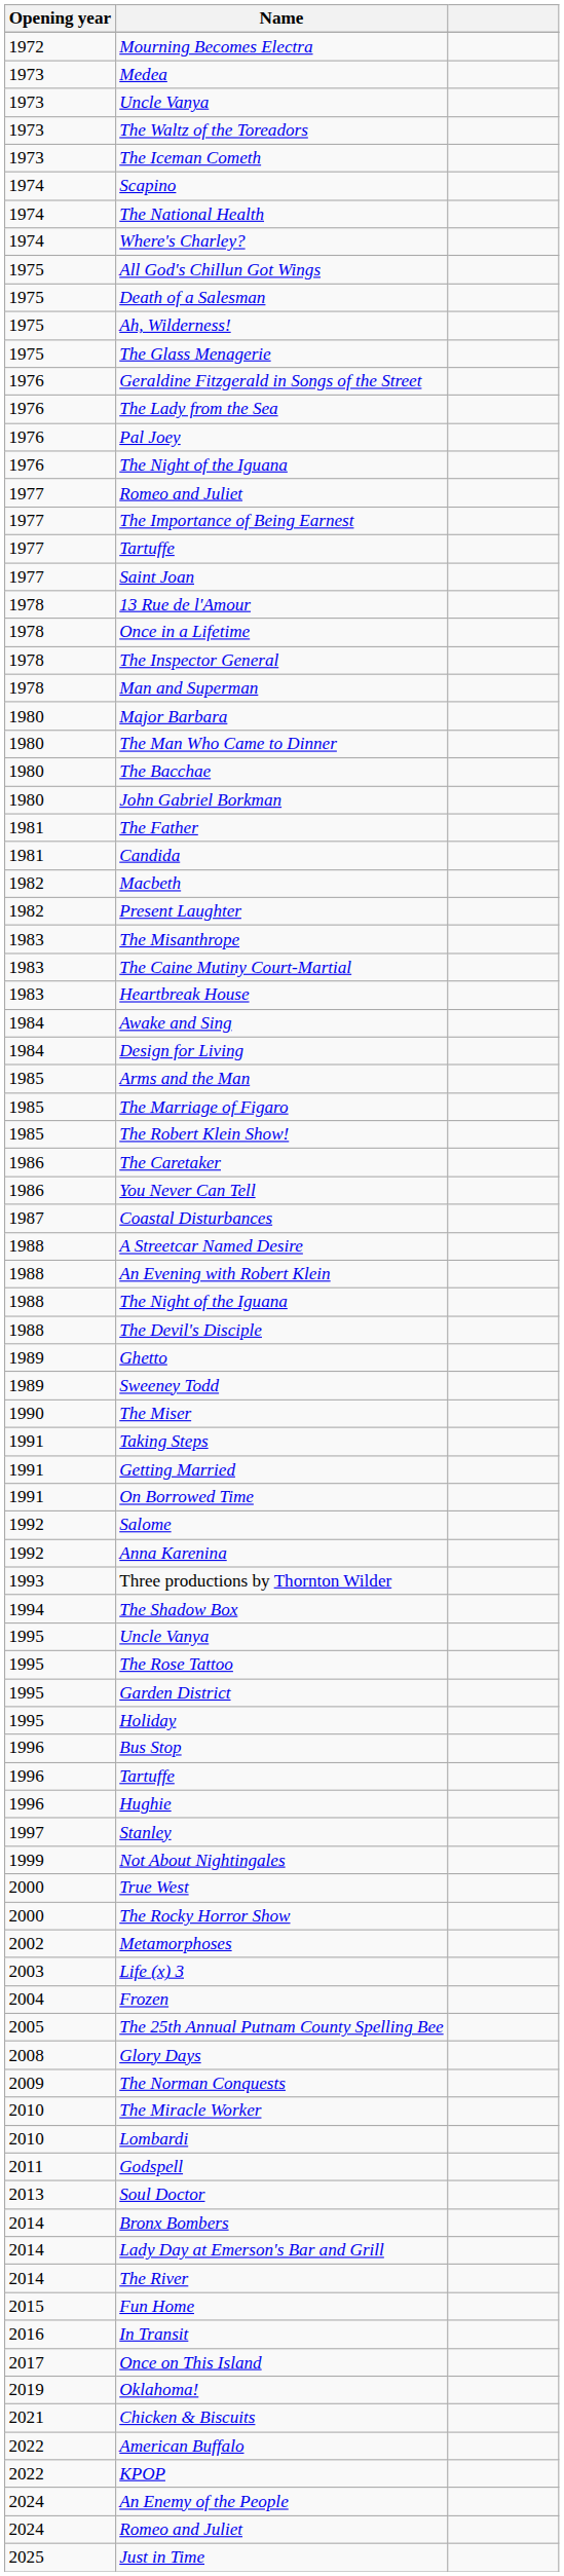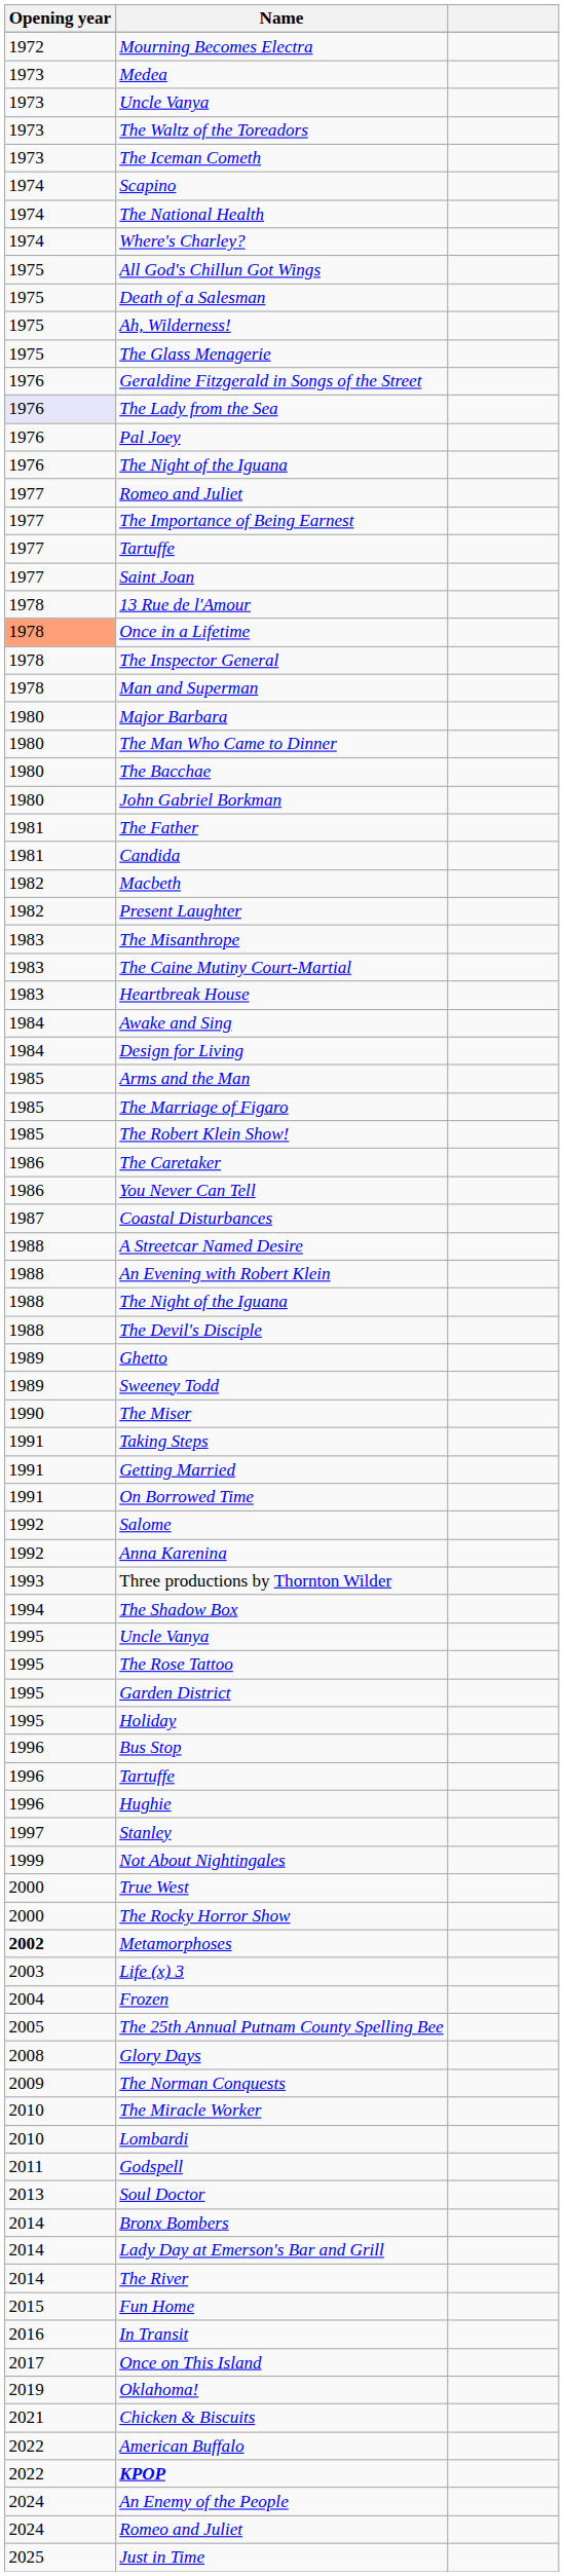 <table class="wikitable sortable collapsible">
 <tr>
 <th width=20% scope="col">Opening year</th>
 <th width=60% scope="col">Name</th>
 <th width=20% scope="col" class="unsortable"></th>
 </tr>
 <tr>
 </tr>
 <tr>
 <td>1972</td>
 <td><em><a href='#'>Mourning Becomes Electra</a></em></td>
 <td></td>
 </tr>
 <tr>
 <td>1973</td>
 <td><em><a href='#'>Medea</a></em></td>
 <td></td>
 </tr>
 <tr>
 <td>1973</td>
 <td><em><a href='#'>Uncle Vanya</a></em></td>
 <td></td>
 </tr>
 <tr>
 <td>1973</td>
 <td><em><a href='#'>The Waltz of the Toreadors</a></em></td>
 <td></td>
 </tr>
 <tr>
 <td>1973</td>
 <td><em><a href='#'>The Iceman Cometh</a></em></td>
 <td></td>
 </tr>
 <tr>
 <td>1974</td>
 <td><em><a href='#'>Scapino</a></em></td>
 <td></td>
 </tr>
 <tr>
 <td>1974</td>
 <td><em><a href='#'>The National Health</a></em></td>
 <td></td>
 </tr>
 <tr>
 <td>1974</td>
 <td><em><a href='#'>Where's Charley?</a></em></td>
 <td></td>
 </tr>
 <tr>
 <td>1975</td>
 <td><em><a href='#'>All God's Chillun Got Wings</a></em></td>
 <td></td>
 </tr>
 <tr>
 <td>1975</td>
 <td><em><a href='#'>Death of a Salesman</a></em></td>
 <td></td>
 </tr>
 <tr>
 <td>1975</td>
 <td><em><a href='#'>Ah, Wilderness!</a></em></td>
 <td></td>
 </tr>
 <tr>
 <td>1975</td>
 <td><em><a href='#'>The Glass Menagerie</a></em></td>
 <td></td>
 </tr>
 <tr>
 <td>1976</td>
 <td><em><a href='#'>Geraldine Fitzgerald in Songs of the Street</a></em></td>
 <td></td>
 </tr>
 <tr>
-<td>1976</td>
+<td style="background: lavender;">1976</td>
 <td><em><a href='#'>The Lady from the Sea</a></em></td>
 <td></td>
 </tr>
 <tr>
 <td>1976</td>
 <td><em><a href='#'>Pal Joey</a></em></td>
 <td></td>
 </tr>
 <tr>
 <td>1976</td>
 <td><em><a href='#'>The Night of the Iguana</a></em></td>
 <td></td>
 </tr>
 <tr>
 <td>1977</td>
 <td><em><a href='#'>Romeo and Juliet</a></em></td>
 <td></td>
 </tr>
 <tr>
 <td>1977</td>
 <td><em><a href='#'>The Importance of Being Earnest</a></em></td>
 <td></td>
 </tr>
 <tr>
 <td>1977</td>
 <td><em><a href='#'>Tartuffe</a></em></td>
 <td></td>
 </tr>
 <tr>
 <td>1977</td>
 <td><em><a href='#'>Saint Joan</a></em></td>
 <td></td>
 </tr>
 <tr>
 <td>1978</td>
 <td><em><a href='#'>13 Rue de l'Amour</a></em></td>
 <td></td>
 </tr>
 <tr>
-<td>1978</td>
+<td style="background: lightsalmon;">1978</td>
 <td><em><a href='#'>Once in a Lifetime</a></em></td>
 <td></td>
 </tr>
 <tr>
 <td>1978</td>
 <td><em><a href='#'>The Inspector General</a></em></td>
 <td></td>
 </tr>
 <tr>
 <td>1978</td>
 <td><em><a href='#'>Man and Superman</a></em></td>
 <td></td>
 </tr>
 <tr>
 <td>1980</td>
 <td><em><a href='#'>Major Barbara</a></em></td>
 <td></td>
 </tr>
 <tr>
 <td>1980</td>
 <td><em><a href='#'>The Man Who Came to Dinner</a></em></td>
 <td></td>
 </tr>
 <tr>
 <td>1980</td>
 <td><em><a href='#'>The Bacchae</a></em></td>
 <td></td>
 </tr>
 <tr>
 <td>1980</td>
 <td><em><a href='#'>John Gabriel Borkman</a></em></td>
 <td></td>
 </tr>
 <tr>
 <td>1981</td>
 <td><em><a href='#'>The Father</a></em></td>
 <td></td>
 </tr>
 <tr>
 <td>1981</td>
 <td><em><a href='#'>Candida</a></em></td>
 <td></td>
 </tr>
 <tr>
 <td>1982</td>
 <td><em><a href='#'>Macbeth</a></em></td>
 <td></td>
 </tr>
 <tr>
 <td>1982</td>
 <td><em><a href='#'>Present Laughter</a></em></td>
 <td></td>
 </tr>
 <tr>
 <td>1983</td>
 <td><em><a href='#'>The Misanthrope</a></em></td>
 <td></td>
 </tr>
 <tr>
 <td>1983</td>
 <td><em><a href='#'>The Caine Mutiny Court-Martial</a></em></td>
 <td></td>
 </tr>
 <tr>
 <td>1983</td>
 <td><em><a href='#'>Heartbreak House</a></em></td>
 <td></td>
 </tr>
 <tr>
 <td>1984</td>
 <td><em><a href='#'>Awake and Sing</a></em></td>
 <td></td>
 </tr>
 <tr>
 <td>1984</td>
 <td><em><a href='#'>Design for Living</a></em></td>
 <td></td>
 </tr>
 <tr>
 <td>1985</td>
 <td><em><a href='#'>Arms and the Man</a></em></td>
 <td></td>
 </tr>
 <tr>
 <td>1985</td>
 <td><em><a href='#'>The Marriage of Figaro</a></em></td>
 <td></td>
 </tr>
 <tr>
 <td>1985</td>
 <td><em><a href='#'>The Robert Klein Show!</a></em></td>
 <td></td>
 </tr>
 <tr>
 <td>1986</td>
 <td><em><a href='#'>The Caretaker</a></em></td>
 <td></td>
 </tr>
 <tr>
 <td>1986</td>
 <td><em><a href='#'>You Never Can Tell</a></em></td>
 <td></td>
 </tr>
 <tr>
 <td>1987</td>
 <td><em><a href='#'>Coastal Disturbances</a></em></td>
 <td></td>
 </tr>
 <tr>
 <td>1988</td>
 <td><em><a href='#'>A Streetcar Named Desire</a></em></td>
 <td></td>
 </tr>
 <tr>
 <td>1988</td>
 <td><em><a href='#'>An Evening with Robert Klein</a></em></td>
 <td></td>
 </tr>
 <tr>
 <td>1988</td>
 <td><em><a href='#'>The Night of the Iguana</a></em></td>
 <td></td>
 </tr>
 <tr>
 <td>1988</td>
 <td><em><a href='#'>The Devil's Disciple</a></em></td>
 <td></td>
 </tr>
 <tr>
 <td>1989</td>
 <td><em><a href='#'>Ghetto</a></em></td>
 <td></td>
 </tr>
 <tr>
 <td>1989</td>
 <td><em><a href='#'>Sweeney Todd</a></em></td>
 <td></td>
 </tr>
 <tr>
 <td>1990</td>
 <td><em><a href='#'>The Miser</a></em></td>
 <td></td>
 </tr>
 <tr>
 <td>1991</td>
 <td><em><a href='#'>Taking Steps</a></em></td>
 <td></td>
 </tr>
 <tr>
 <td>1991</td>
 <td><em><a href='#'>Getting Married</a></em></td>
 <td></td>
 </tr>
 <tr>
 <td>1991</td>
 <td><em><a href='#'>On Borrowed Time</a></em></td>
 <td></td>
 </tr>
 <tr>
 <td>1992</td>
 <td><em><a href='#'>Salome</a></em></td>
 <td></td>
 </tr>
 <tr>
 <td>1992</td>
 <td><em><a href='#'>Anna Karenina</a></em></td>
 <td></td>
 </tr>
 <tr>
 <td>1993</td>
 <td>Three productions by <a href='#'>Thornton Wilder</a></td>
 <td></td>
 </tr>
 <tr>
 <td>1994</td>
 <td><em><a href='#'>The Shadow Box</a></em></td>
 <td></td>
 </tr>
 <tr>
 <td>1995</td>
 <td><em><a href='#'>Uncle Vanya</a></em></td>
 <td></td>
 </tr>
 <tr>
 <td>1995</td>
 <td><em><a href='#'>The Rose Tattoo</a></em></td>
 <td></td>
 </tr>
 <tr>
 <td>1995</td>
 <td><em><a href='#'>Garden District</a></em></td>
 <td></td>
 </tr>
 <tr>
 <td>1995</td>
 <td><em><a href='#'>Holiday</a></em></td>
 <td></td>
 </tr>
 <tr>
 <td>1996</td>
 <td><em><a href='#'>Bus Stop</a></em></td>
 <td></td>
 </tr>
 <tr>
 <td>1996</td>
 <td><em><a href='#'>Tartuffe</a></em></td>
 <td></td>
 </tr>
 <tr>
 <td>1996</td>
 <td><em><a href='#'>Hughie</a></em></td>
 <td></td>
 </tr>
 <tr>
 <td>1997</td>
 <td><em><a href='#'>Stanley</a></em></td>
 <td></td>
 </tr>
 <tr>
 <td>1999</td>
 <td><em><a href='#'>Not About Nightingales</a></em></td>
 <td></td>
 </tr>
 <tr>
 <td>2000</td>
 <td><em><a href='#'>True West</a></em></td>
 <td></td>
 </tr>
 <tr>
 <td>2000</td>
 <td><em><a href='#'>The Rocky Horror Show</a></em></td>
 <td></td>
 </tr>
 <tr>
-<td>2002</td>
+<td><strong>2002</strong></td>
 <td><em><a href='#'>Metamorphoses</a></em></td>
 <td></td>
 </tr>
 <tr>
 <td>2003</td>
 <td><em><a href='#'>Life (x) 3</a></em></td>
 <td></td>
 </tr>
 <tr>
 <td>2004</td>
 <td><em><a href='#'>Frozen</a></em></td>
 <td></td>
 </tr>
 <tr>
 <td>2005</td>
 <td><em><a href='#'>The 25th Annual Putnam County Spelling Bee</a></em></td>
 <td></td>
 </tr>
 <tr>
 <td>2008</td>
 <td><em><a href='#'>Glory Days</a></em></td>
 <td></td>
 </tr>
 <tr>
 <td>2009</td>
 <td><em><a href='#'>The Norman Conquests</a></em></td>
 <td></td>
 </tr>
 <tr>
 <td>2010</td>
 <td><em><a href='#'>The Miracle Worker</a></em></td>
 <td></td>
 </tr>
 <tr>
 <td>2010</td>
 <td><em><a href='#'>Lombardi</a></em></td>
 <td></td>
 </tr>
 <tr>
 <td>2011</td>
 <td><em><a href='#'>Godspell</a></em></td>
 <td></td>
 </tr>
 <tr>
 <td>2013</td>
 <td><em><a href='#'>Soul Doctor</a></em></td>
 <td></td>
 </tr>
 <tr>
 <td>2014</td>
 <td><em><a href='#'>Bronx Bombers</a></em></td>
 <td></td>
 </tr>
 <tr>
 <td>2014</td>
 <td><em><a href='#'>Lady Day at Emerson's Bar and Grill</a></em></td>
 <td></td>
 </tr>
 <tr>
 <td>2014</td>
 <td><em><a href='#'>The River</a></em></td>
 <td></td>
 </tr>
 <tr>
 <td>2015</td>
 <td><em><a href='#'>Fun Home</a></em></td>
 <td></td>
 </tr>
 <tr>
 <td>2016</td>
 <td><em><a href='#'>In Transit</a></em></td>
 <td></td>
 </tr>
 <tr>
 <td>2017</td>
 <td><em><a href='#'>Once on This Island</a></em></td>
 <td></td>
 </tr>
 <tr>
 <td>2019</td>
 <td><em><a href='#'>Oklahoma!</a></em></td>
 <td></td>
 </tr>
 <tr>
 <td>2021</td>
 <td><em><a href='#'>Chicken & Biscuits</a></em></td>
 <td></td>
 </tr>
 <tr>
 <td>2022</td>
 <td><em><a href='#'>American Buffalo</a></em></td>
 <td></td>
 </tr>
 <tr>
 <td>2022</td>
-<td><em><a href='#'>KPOP</a></em></td>
+<td><strong><em><a href='#'>KPOP</a></em></strong></td>
 <td></td>
 </tr>
 <tr>
 <td>2024</td>
 <td><em><a href='#'>An Enemy of the People</a></em></td>
 <td></td>
 </tr>
 <tr>
 <td>2024</td>
 <td><em><a href='#'>Romeo and Juliet</a></em></td>
 <td></td>
 </tr>
 <tr>
 <td>2025</td>
 <td><em><a href='#'>Just in Time</a></em></td>
 <td></td>
 </tr>
 </table>
